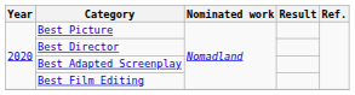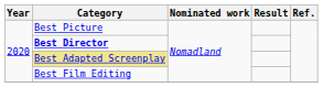 <table class="wikitable">
 <tr>
 <th>Year</th>
 <th>Category</th>
 <th>Nominated work</th>
 <th>Result</th>
 <th>Ref.</th>
 </tr>
 <tr>
 <td rowspan="4"><a href='#'>2020</a></td>
 <td><a href='#'>Best Picture</a></td>
 <td rowspan=4><em><a href='#'>Nomadland</a></em></td>
 <td></td>
 <td rowspan=4></td>
 </tr>
 <tr>
-<td><a href='#'>Best Director</a></td>
+<td><strong><a href='#'>Best Director</a></strong></td>
 <td></td>
 </tr>
 <tr>
-<td><a href='#'>Best Adapted Screenplay</a></td>
+<td style="background: khaki;"><a href='#'>Best Adapted Screenplay</a></td>
 <td></td>
 </tr>
 <tr>
 <td><a href='#'>Best Film Editing</a></td>
 <td></td>
 </tr>
 <tr>
 </tr>
 </table>
